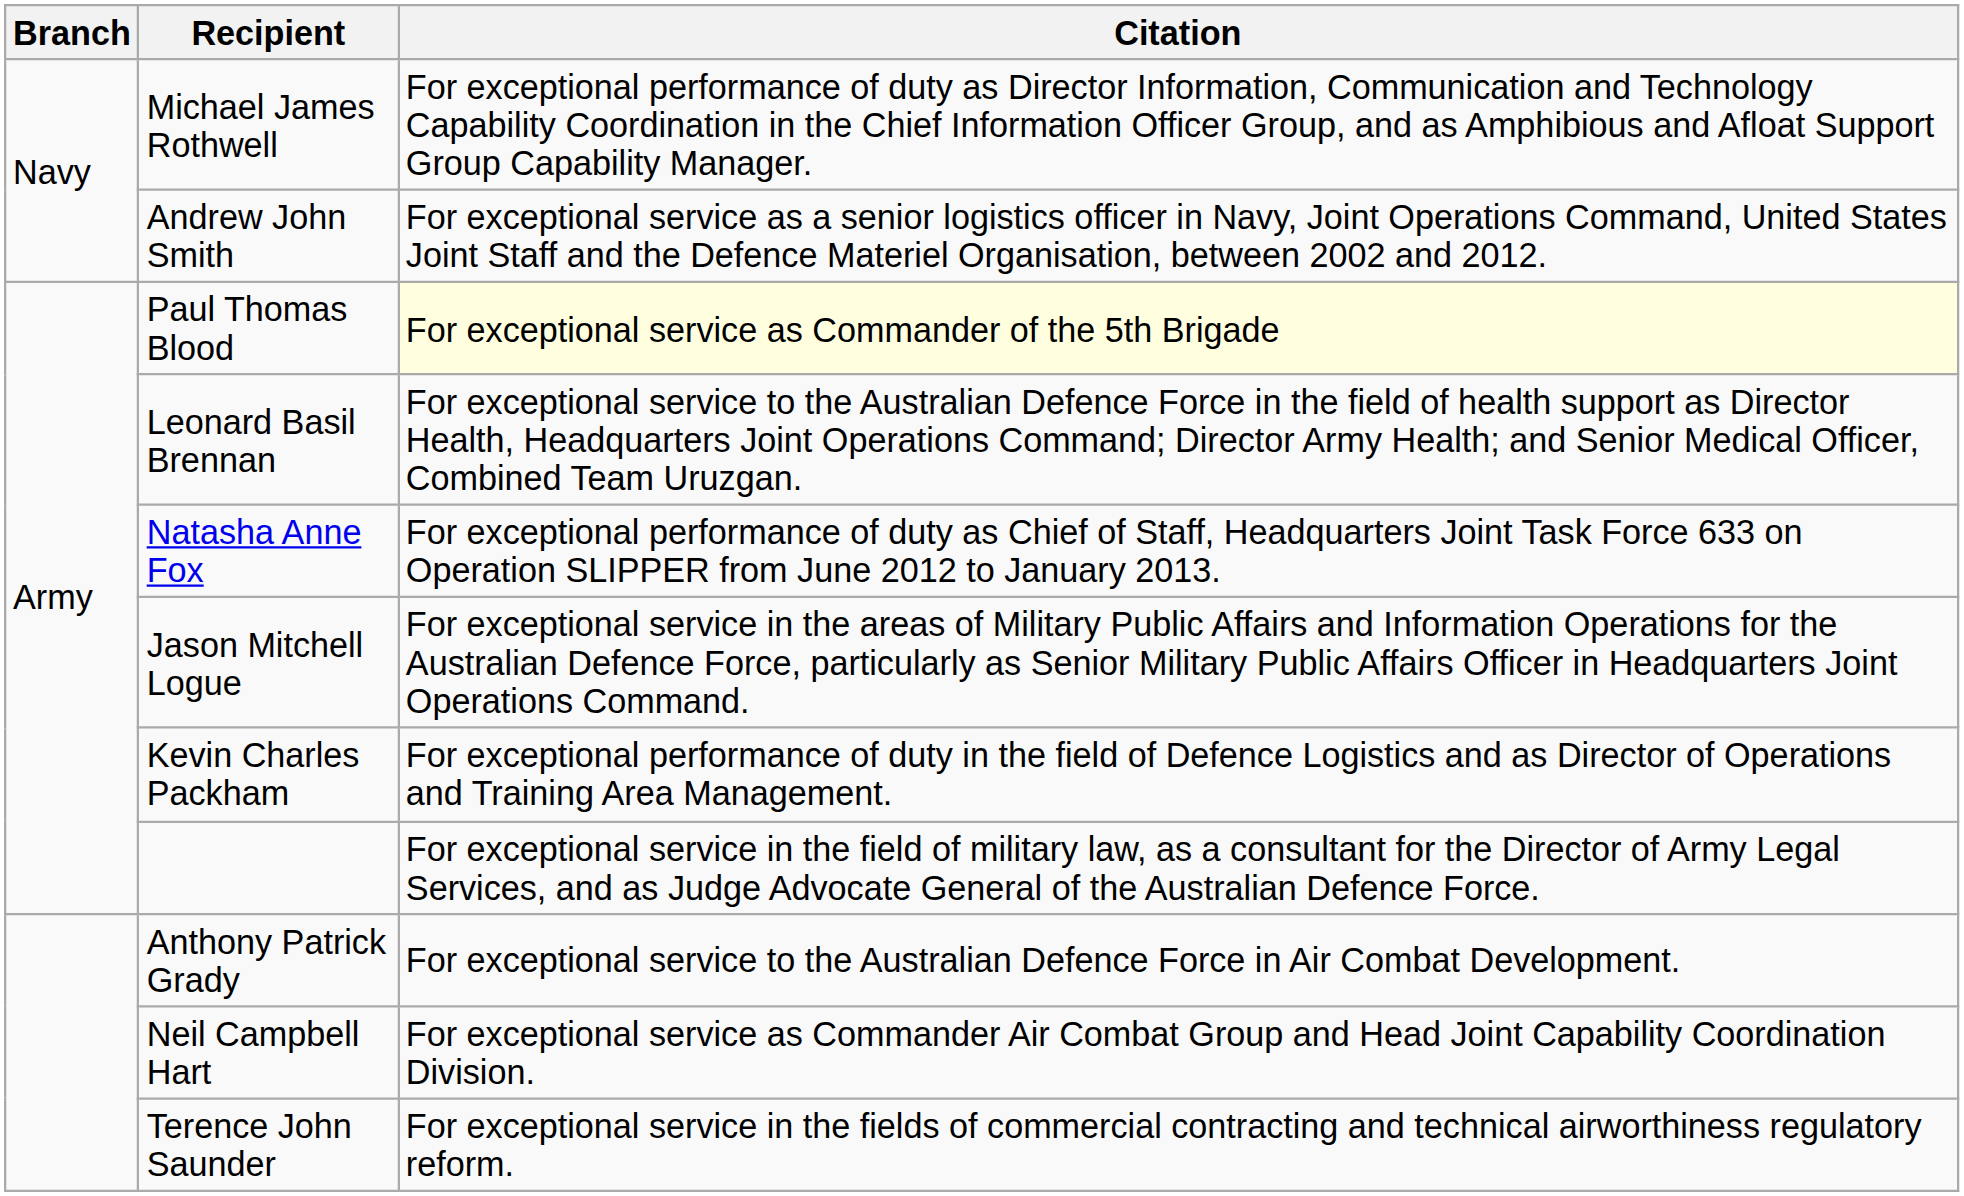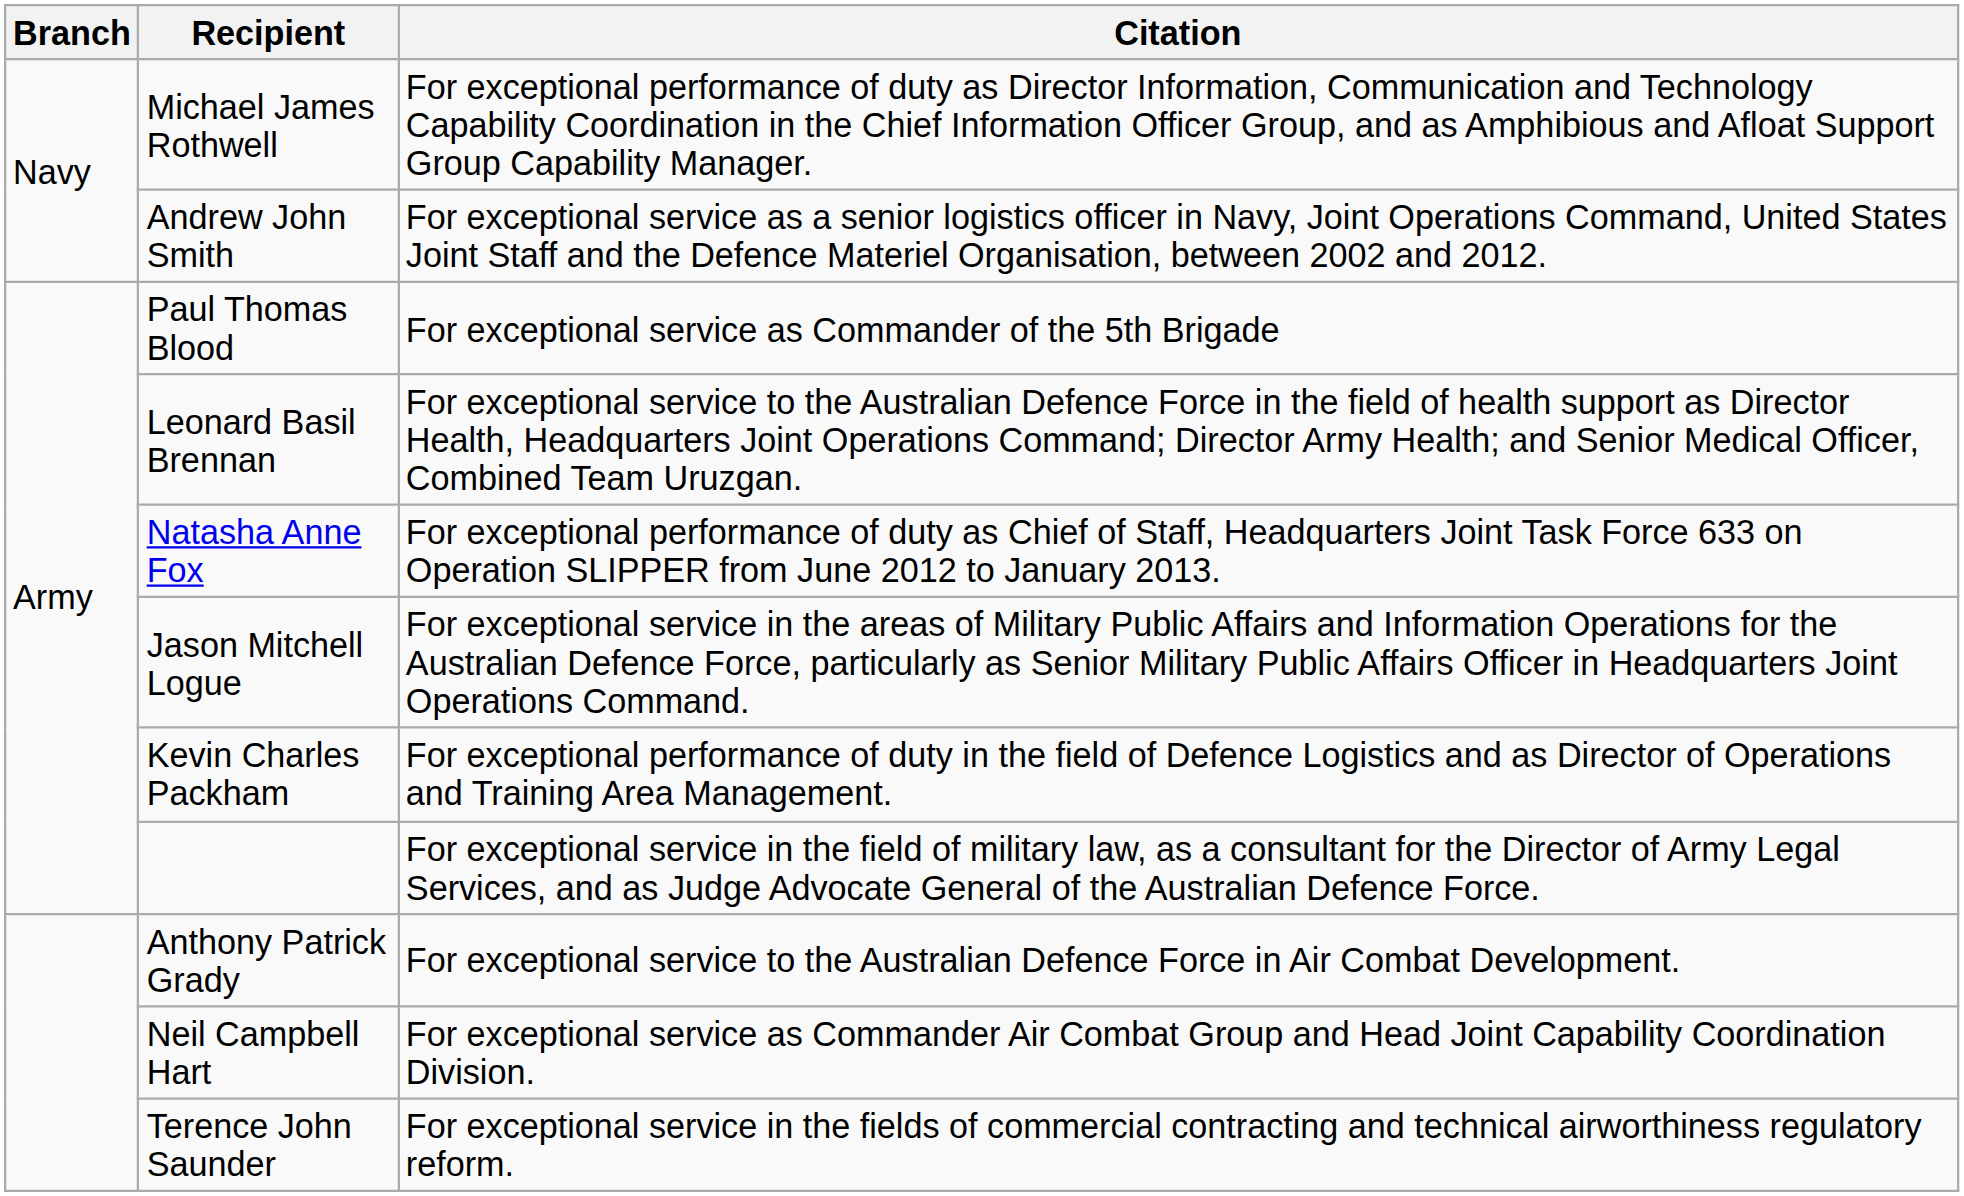 <table class="wikitable" style="font-size:95%;">
 <tr>
 <th>Branch</th>
 <th>Recipient</th>
 <th>Citation</th>
 </tr>
 <tr>
 <td rowspan="2">Navy</td>
 <td> Michael James Rothwell </td>
 <td>For exceptional performance of duty as Director Information, Communication and Technology Capability Coordination in the Chief Information Officer Group, and as Amphibious and Afloat Support Group Capability Manager.</td>
 </tr>
 <tr>
 <td> Andrew John Smith </td>
 <td>For exceptional service as a senior logistics officer in Navy, Joint Operations Command, United States Joint Staff and the Defence Materiel Organisation, between 2002 and 2012.</td>
 </tr>
 <tr>
 <td rowspan="6">Army</td>
 <td> Paul Thomas Blood</td>
-<td style="background: lightyellow;">For exceptional service as Commander of the 5th Brigade</td>
+<td>For exceptional service as Commander of the 5th Brigade</td>
 </tr>
 <tr>
 <td> Leonard Basil Brennan</td>
 <td>For exceptional service to the Australian Defence Force in the field of health support as Director Health, Headquarters Joint Operations Command; Director Army Health; and Senior Medical Officer, Combined Team Uruzgan.</td>
 </tr>
 <tr>
 <td> <a href='#'>Natasha Anne Fox</a> </td>
 <td>For exceptional performance of duty as Chief of Staff, Headquarters Joint Task Force 633 on Operation SLIPPER from June 2012 to January 2013.</td>
 </tr>
 <tr>
 <td> Jason Mitchell Logue</td>
 <td>For exceptional service in the areas of Military Public Affairs and Information Operations for the Australian Defence Force, particularly as Senior Military Public Affairs Officer in Headquarters Joint Operations Command.</td>
 </tr>
 <tr>
 <td> Kevin Charles Packham </td>
 <td>For exceptional performance of duty in the field of Defence Logistics and as Director of Operations and Training Area Management.</td>
 </tr>
 <tr>
 <td></td>
 <td>For exceptional service in the field of military law, as a consultant for the Director of Army Legal Services, and as Judge Advocate General of the Australian Defence Force.</td>
 </tr>
 <tr>
 <td rowspan="3"></td>
 <td> Anthony Patrick Grady</td>
 <td>For exceptional service to the Australian Defence Force in Air Combat Development.</td>
 </tr>
 <tr>
 <td> Neil Campbell Hart</td>
 <td>For exceptional service as Commander Air Combat Group and Head Joint Capability Coordination Division.</td>
 </tr>
 <tr>
 <td> Terence John Saunder</td>
 <td>For exceptional service in the fields of commercial contracting and technical airworthiness regulatory reform.</td>
 </tr>
 </table>
